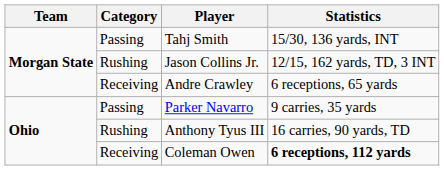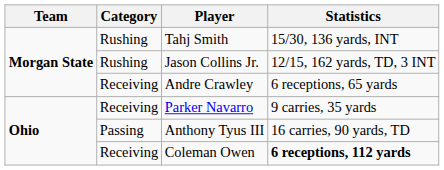 <table class="wikitable" style="float: right;">
 <tr>
 <th>Team</th>
 <th>Category</th>
 <th>Player</th>
 <th>Statistics</th>
 </tr>
 <tr>
 <td rowspan=3><strong>Morgan State</strong></td>
-<td>Passing</td>
+<td>Rushing</td>
 <td>Tahj Smith</td>
 <td>15/30, 136 yards, INT</td>
 </tr>
 <tr>
 <td>Rushing</td>
 <td>Jason Collins Jr.</td>
 <td>12/15, 162 yards, TD, 3 INT</td>
 </tr>
 <tr>
 <td>Receiving</td>
 <td>Andre Crawley</td>
 <td>6 receptions, 65 yards</td>
 </tr>
 <tr>
 <td rowspan=3><strong>Ohio</strong></td>
-<td>Passing</td>
+<td>Receiving</td>
 <td><a href='#'>Parker Navarro</a></td>
 <td>9 carries, 35 yards</td>
 </tr>
 <tr>
-<td>Rushing</td>
+<td>Passing</td>
 <td>Anthony Tyus III</td>
 <td>16 carries, 90 yards, TD</td>
 </tr>
 <tr>
 <td>Receiving</td>
 <td>Coleman Owen</td>
 <td><strong>6 receptions, 112 yards</strong></td>
 </tr>
 </table>
